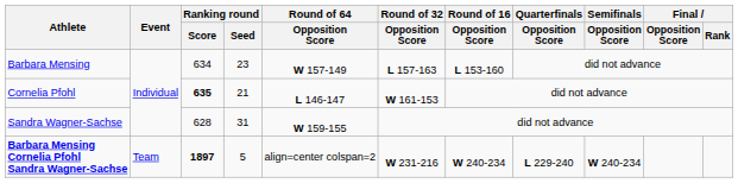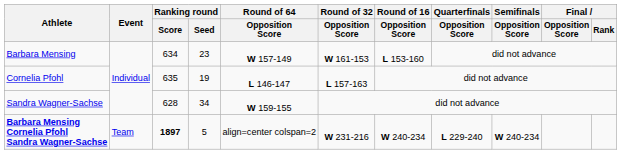 <table class="wikitable" style="font-size:90%">
 <tr>
 <th rowspan="2">Athlete</th>
 <th rowspan="2">Event</th>
 <th colspan="2">Ranking round</th>
 <th>Round of 64</th>
 <th>Round of 32</th>
 <th>Round of 16</th>
 <th>Quarterfinals</th>
 <th>Semifinals</th>
 <th colspan="2">Final / </th>
 </tr>
 <tr style="font-size:95%">
 <th>Score</th>
 <th>Seed</th>
 <th>Opposition<br>Score</th>
 <th>Opposition<br>Score</th>
 <th>Opposition<br>Score</th>
 <th>Opposition<br>Score</th>
 <th>Opposition<br>Score</th>
 <th>Opposition<br>Score</th>
 <th>Rank</th>
 </tr>
 <tr>
 <td align=left><a href='#'>Barbara Mensing</a></td>
 <td align=left rowspan=3><a href='#'>Individual</a></td>
 <td align=center>634</td>
 <td align=center>23</td>
 <td align=center><br><strong>W</strong> 157-149</td>
-<td align=center><br><strong>L</strong> 157-163</td>
+<td align=center><br><strong>W</strong> 161-153</td>
 <td align=center><br><strong>L</strong> 153-160</td>
 <td align=center colspan=4>did not advance</td>
 </tr>
 <tr>
 <td align=left><a href='#'>Cornelia Pfohl</a></td>
-<td align=center><strong>635</strong></td>
-<td align=center>21</td>
+<td align=center>635</td>
+<td align=center>19</td>
 <td align=center><br><strong>L</strong> 146-147</td>
-<td align=center><br><strong>W</strong> 161-153</td>
+<td align=center><br><strong>L</strong> 157-163</td>
 <td align=center colspan=5>did not advance</td>
 </tr>
 <tr>
 <td align=left><a href='#'>Sandra Wagner-Sachse</a></td>
 <td align=center>628</td>
-<td align=center>31</td>
+<td align=center>34</td>
 <td align=center><br><strong>W</strong> 159-155</td>
 <td align=center colspan=6>did not advance</td>
 </tr>
 <tr>
 <td align=left><strong><a href='#'>Barbara Mensing</a></strong><br> <strong><a href='#'>Cornelia Pfohl</a></strong><br> <strong><a href='#'>Sandra Wagner-Sachse</a></strong></td>
 <td align=left><a href='#'>Team</a></td>
 <td align=center><strong>1897</strong></td>
 <td align=center>5</td>
 <td>align=center colspan=2 </td>
 <td align=center><br><strong>W</strong> 231-216</td>
 <td align=center><br><strong>W</strong> 240-234</td>
 <td align=center><br><strong>L</strong> 229-240</td>
 <td align=center><br><strong>W</strong> 240-234</td>
 <td align=center></td>
 </tr>
 </table>
